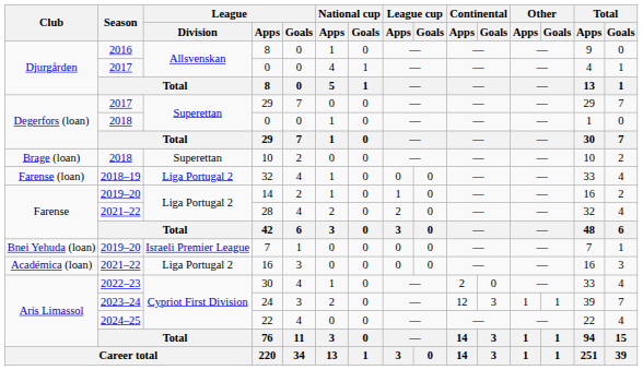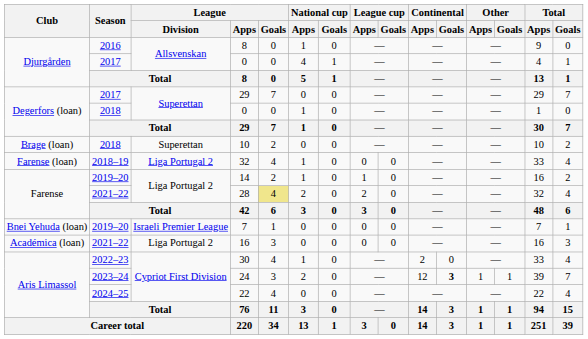 <table class="wikitable" style="text-align:center">
 <tr>
 <th rowspan="2">Club</th>
 <th rowspan="2">Season</th>
 <th colspan="3">League</th>
 <th colspan="2">National cup</th>
 <th colspan="2">League cup</th>
 <th colspan="2">Continental</th>
 <th colspan="2">Other</th>
 <th colspan="2">Total</th>
 </tr>
 <tr>
 <th>Division</th>
 <th>Apps</th>
 <th>Goals</th>
 <th>Apps</th>
 <th>Goals</th>
 <th>Apps</th>
 <th>Goals</th>
 <th>Apps</th>
 <th>Goals</th>
 <th>Apps</th>
 <th>Goals</th>
 <th>Apps</th>
 <th>Goals</th>
 </tr>
 <tr>
 <td rowspan="3"><a href='#'>Djurgården</a></td>
 <td><a href='#'>2016</a></td>
 <td rowspan="2"><a href='#'>Allsvenskan</a></td>
 <td>8</td>
 <td>0</td>
 <td>1</td>
 <td>0</td>
 <td colspan="2">—</td>
 <td colspan="2">—</td>
 <td colspan="2">—</td>
 <td>9</td>
 <td>0</td>
 </tr>
 <tr>
 <td><a href='#'>2017</a></td>
 <td>0</td>
 <td>0</td>
 <td>4</td>
 <td>1</td>
 <td colspan="2">—</td>
 <td colspan="2">—</td>
 <td colspan="2">—</td>
 <td>4</td>
 <td>1</td>
 </tr>
 <tr>
 <th colspan="2">Total</th>
 <th>8</th>
 <th>0</th>
 <th>5</th>
 <th>1</th>
 <th colspan="2">—</th>
 <th colspan="2">—</th>
 <th colspan="2">—</th>
 <th>13</th>
 <th>1</th>
 </tr>
 <tr>
 <td rowspan="3"><a href='#'>Degerfors</a> (loan)</td>
 <td><a href='#'>2017</a></td>
 <td rowspan="2"><a href='#'>Superettan</a></td>
 <td>29</td>
 <td>7</td>
 <td>0</td>
 <td>0</td>
 <td colspan="2">—</td>
 <td colspan="2">—</td>
 <td colspan="2">—</td>
 <td>29</td>
 <td>7</td>
 </tr>
 <tr>
 <td><a href='#'>2018</a></td>
 <td>0</td>
 <td>0</td>
 <td>1</td>
 <td>0</td>
 <td colspan="2">—</td>
 <td colspan="2">—</td>
 <td colspan="2">—</td>
 <td>1</td>
 <td>0</td>
 </tr>
 <tr>
 <th colspan="2">Total</th>
 <th>29</th>
 <th>7</th>
 <th>1</th>
 <th>0</th>
 <th colspan="2">—</th>
 <th colspan="2">—</th>
 <th colspan="2">—</th>
 <th>30</th>
 <th>7</th>
 </tr>
 <tr>
 <td><a href='#'>Brage</a> (loan)</td>
 <td><a href='#'>2018</a></td>
 <td>Superettan</td>
 <td>10</td>
 <td>2</td>
 <td>0</td>
 <td>0</td>
 <td colspan="2">—</td>
 <td colspan="2">—</td>
 <td colspan="2">—</td>
 <td>10</td>
 <td>2</td>
 </tr>
 <tr>
 <td><a href='#'>Farense</a> (loan)</td>
 <td><a href='#'>2018–19</a></td>
 <td><a href='#'>Liga Portugal 2</a></td>
 <td>32</td>
 <td>4</td>
 <td>1</td>
 <td>0</td>
 <td>0</td>
 <td>0</td>
 <td colspan="2">—</td>
 <td colspan="2">—</td>
 <td>33</td>
 <td>4</td>
 </tr>
 <tr>
 <td rowspan="3">Farense</td>
 <td><a href='#'>2019–20</a></td>
 <td rowspan="2">Liga Portugal 2</td>
 <td>14</td>
 <td>2</td>
 <td>1</td>
 <td>0</td>
 <td>1</td>
 <td>0</td>
 <td colspan="2">—</td>
 <td colspan="2">—</td>
 <td>16</td>
 <td>2</td>
 </tr>
 <tr>
 <td><a href='#'>2021–22</a></td>
 <td>28</td>
-<td>4</td>
+<td style="background: khaki;">4</td>
 <td>2</td>
 <td>0</td>
 <td>2</td>
 <td>0</td>
 <td colspan="2">—</td>
 <td colspan="2">—</td>
 <td>32</td>
 <td>4</td>
 </tr>
 <tr>
 <th colspan="2">Total</th>
 <th>42</th>
 <th>6</th>
 <th>3</th>
 <th>0</th>
 <th>3</th>
 <th>0</th>
 <th colspan="2">—</th>
 <th colspan="2">—</th>
 <th>48</th>
 <th>6</th>
 </tr>
 <tr>
 <td><a href='#'>Bnei Yehuda</a> (loan)</td>
 <td><a href='#'>2019–20</a></td>
 <td><a href='#'>Israeli Premier League</a></td>
 <td>7</td>
 <td>1</td>
 <td>0</td>
 <td>0</td>
 <td>0</td>
 <td>0</td>
 <td colspan="2">—</td>
 <td colspan="2">—</td>
 <td>7</td>
 <td>1</td>
 </tr>
 <tr>
 <td><a href='#'>Académica</a> (loan)</td>
 <td><a href='#'>2021–22</a></td>
 <td>Liga Portugal 2</td>
 <td>16</td>
 <td>3</td>
 <td>0</td>
 <td>0</td>
 <td>0</td>
 <td>0</td>
 <td colspan="2">—</td>
 <td colspan="2">—</td>
 <td>16</td>
 <td>3</td>
 </tr>
 <tr>
 <td rowspan="4"><a href='#'>Aris Limassol</a></td>
 <td><a href='#'>2022–23</a></td>
 <td rowspan="3"><a href='#'>Cypriot First Division</a></td>
 <td>30</td>
 <td>4</td>
 <td>1</td>
 <td>0</td>
 <td colspan="2">—</td>
 <td>2</td>
 <td>0</td>
 <td colspan="2">—</td>
 <td>33</td>
 <td>4</td>
 </tr>
 <tr>
 <td><a href='#'>2023–24</a></td>
 <td>24</td>
 <td>3</td>
 <td>2</td>
 <td>0</td>
 <td colspan="2">—</td>
 <td>12</td>
-<td>3</td>
+<td><strong>3</strong></td>
 <td>1</td>
 <td>1</td>
 <td>39</td>
 <td>7</td>
 </tr>
 <tr>
 <td><a href='#'>2024–25</a></td>
 <td>22</td>
 <td>4</td>
 <td>0</td>
 <td>0</td>
 <td colspan="2">—</td>
 <td colspan="2">—</td>
 <td colspan="2">—</td>
 <td>22</td>
 <td>4</td>
 </tr>
 <tr>
 <th colspan="2">Total</th>
 <th>76</th>
 <th>11</th>
 <th>3</th>
 <th>0</th>
 <th colspan="2">—</th>
 <th>14</th>
 <th>3</th>
 <th>1</th>
 <th>1</th>
 <th>94</th>
 <th>15</th>
 </tr>
 <tr>
 <th colspan="3">Career total</th>
 <th>220</th>
 <th>34</th>
 <th>13</th>
 <th>1</th>
 <th>3</th>
 <th>0</th>
 <th>14</th>
 <th>3</th>
 <th>1</th>
 <th>1</th>
 <th>251</th>
 <th>39</th>
 </tr>
 </table>
